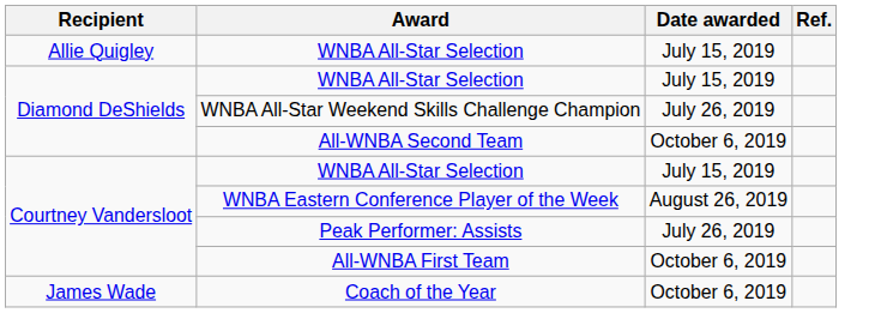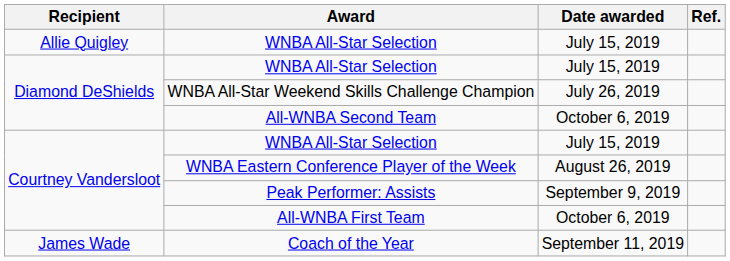 <table class="wikitable sortable sortable" style="text-align: center">
 <tr>
 <th>Recipient</th>
 <th>Award</th>
 <th>Date awarded</th>
 <th>Ref.</th>
 </tr>
 <tr>
 <td><a href='#'>Allie Quigley</a></td>
 <td><a href='#'>WNBA All-Star Selection</a></td>
 <td>July 15, 2019</td>
 <td></td>
 </tr>
 <tr>
 <td rowspan="3"><a href='#'>Diamond DeShields</a></td>
 <td><a href='#'>WNBA All-Star Selection</a></td>
 <td>July 15, 2019</td>
 <td></td>
 </tr>
 <tr>
 <td>WNBA All-Star Weekend Skills Challenge Champion</td>
 <td>July 26, 2019</td>
 <td></td>
 </tr>
 <tr>
 <td><a href='#'>All-WNBA Second Team</a></td>
 <td>October 6, 2019</td>
 <td></td>
 </tr>
 <tr>
 <td rowspan="4"><a href='#'>Courtney Vandersloot</a></td>
 <td><a href='#'>WNBA All-Star Selection</a></td>
 <td>July 15, 2019</td>
 <td></td>
 </tr>
 <tr>
 <td><a href='#'>WNBA Eastern Conference Player of the Week</a></td>
 <td>August 26, 2019</td>
 <td></td>
 </tr>
 <tr>
 <td><a href='#'>Peak Performer: Assists</a></td>
-<td>July 26, 2019</td>
+<td>September 9, 2019</td>
 <td></td>
 </tr>
 <tr>
 <td><a href='#'>All-WNBA First Team</a></td>
 <td>October 6, 2019</td>
 <td></td>
 </tr>
 <tr>
 <td><a href='#'>James Wade</a></td>
 <td><a href='#'>Coach of the Year</a></td>
-<td>October 6, 2019</td>
+<td>September 11, 2019</td>
 <td></td>
 </tr>
 </table>
